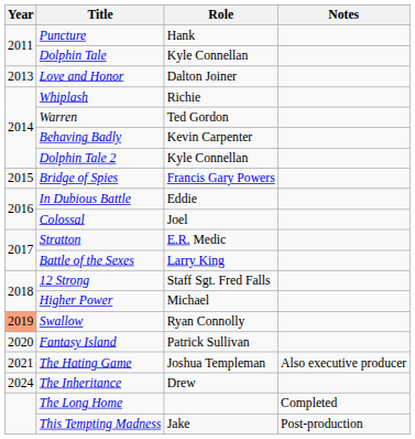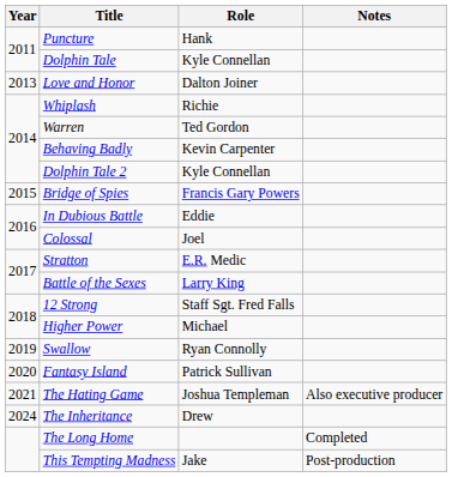 <table class="wikitable sortable">
 <tr>
 <th>Year</th>
 <th>Title</th>
 <th>Role</th>
 <th class="unsortable">Notes</th>
 </tr>
 <tr>
 <td rowspan="2">2011</td>
 <td><em><a href='#'>Puncture</a></em></td>
 <td>Hank</td>
 <td></td>
 </tr>
 <tr>
 <td><em><a href='#'>Dolphin Tale</a></em></td>
 <td>Kyle Connellan</td>
 <td></td>
 </tr>
 <tr>
 <td>2013</td>
 <td><em><a href='#'>Love and Honor</a></em></td>
 <td>Dalton Joiner</td>
 <td></td>
 </tr>
 <tr>
 <td rowspan="4">2014</td>
 <td><em><a href='#'>Whiplash</a></em></td>
 <td>Richie</td>
 <td></td>
 </tr>
 <tr>
 <td><em>Warren</em></td>
 <td>Ted Gordon</td>
 <td></td>
 </tr>
 <tr>
 <td><em><a href='#'>Behaving Badly</a></em></td>
 <td>Kevin Carpenter</td>
 <td></td>
 </tr>
 <tr>
 <td><em><a href='#'>Dolphin Tale 2</a></em></td>
 <td>Kyle Connellan</td>
 <td></td>
 </tr>
 <tr>
 <td>2015</td>
 <td><em><a href='#'>Bridge of Spies</a></em></td>
 <td><a href='#'>Francis Gary Powers</a></td>
 <td></td>
 </tr>
 <tr>
 <td rowspan="2">2016</td>
 <td><em><a href='#'>In Dubious Battle</a></em></td>
 <td>Eddie</td>
 <td></td>
 </tr>
 <tr>
 <td><em><a href='#'>Colossal</a></em></td>
 <td>Joel</td>
 <td></td>
 </tr>
 <tr>
 <td rowspan="2">2017</td>
 <td><em><a href='#'>Stratton</a></em></td>
 <td><a href='#'>E.R.</a> Medic</td>
 <td></td>
 </tr>
 <tr>
 <td><em><a href='#'>Battle of the Sexes</a></em></td>
 <td><a href='#'>Larry King</a></td>
 <td></td>
 </tr>
 <tr>
 <td rowspan="2">2018</td>
 <td><em><a href='#'>12 Strong</a></em></td>
 <td>Staff Sgt. Fred Falls</td>
 <td></td>
 </tr>
 <tr>
 <td><em><a href='#'>Higher Power</a></em></td>
 <td>Michael</td>
 <td></td>
 </tr>
 <tr>
-<td style="background: lightsalmon;">2019</td>
+<td>2019</td>
 <td><em><a href='#'>Swallow</a></em></td>
 <td>Ryan Connolly</td>
 <td></td>
 </tr>
 <tr>
 <td>2020</td>
 <td><em><a href='#'>Fantasy Island</a></em></td>
 <td>Patrick Sullivan</td>
 <td></td>
 </tr>
 <tr>
 <td>2021</td>
 <td><em><a href='#'>The Hating Game</a></em></td>
 <td>Joshua Templeman</td>
 <td>Also executive producer</td>
 </tr>
 <tr>
 <td>2024</td>
 <td><em><a href='#'>The Inheritance</a></em></td>
 <td>Drew</td>
 <td></td>
 </tr>
 <tr>
 <td rowspan="2"></td>
 <td><em><a href='#'>The Long Home</a></em></td>
 <td></td>
 <td>Completed</td>
 </tr>
 <tr>
 <td><em><a href='#'>This Tempting Madness</a></em></td>
 <td>Jake</td>
 <td>Post-production</td>
 </tr>
 </table>
